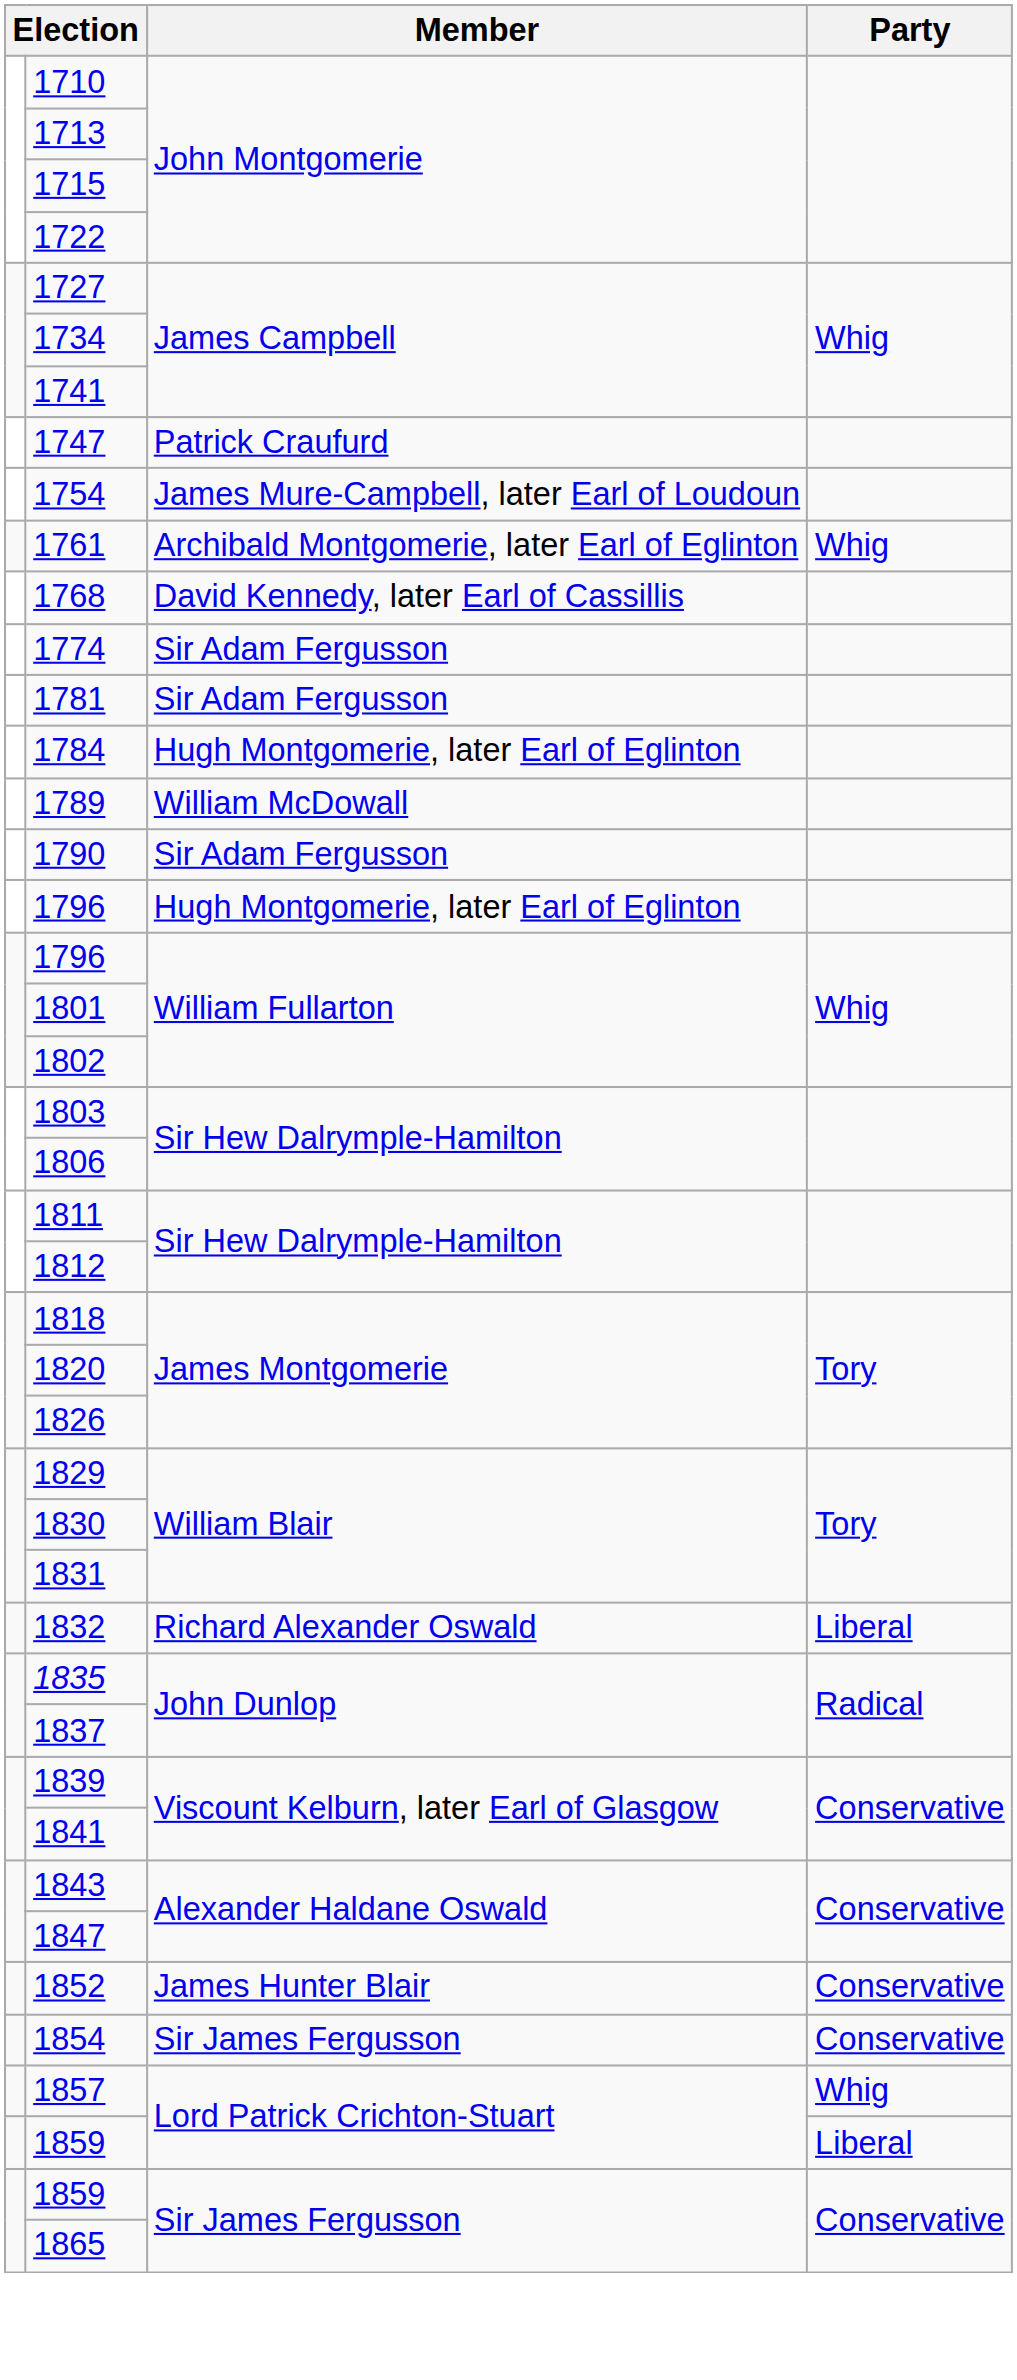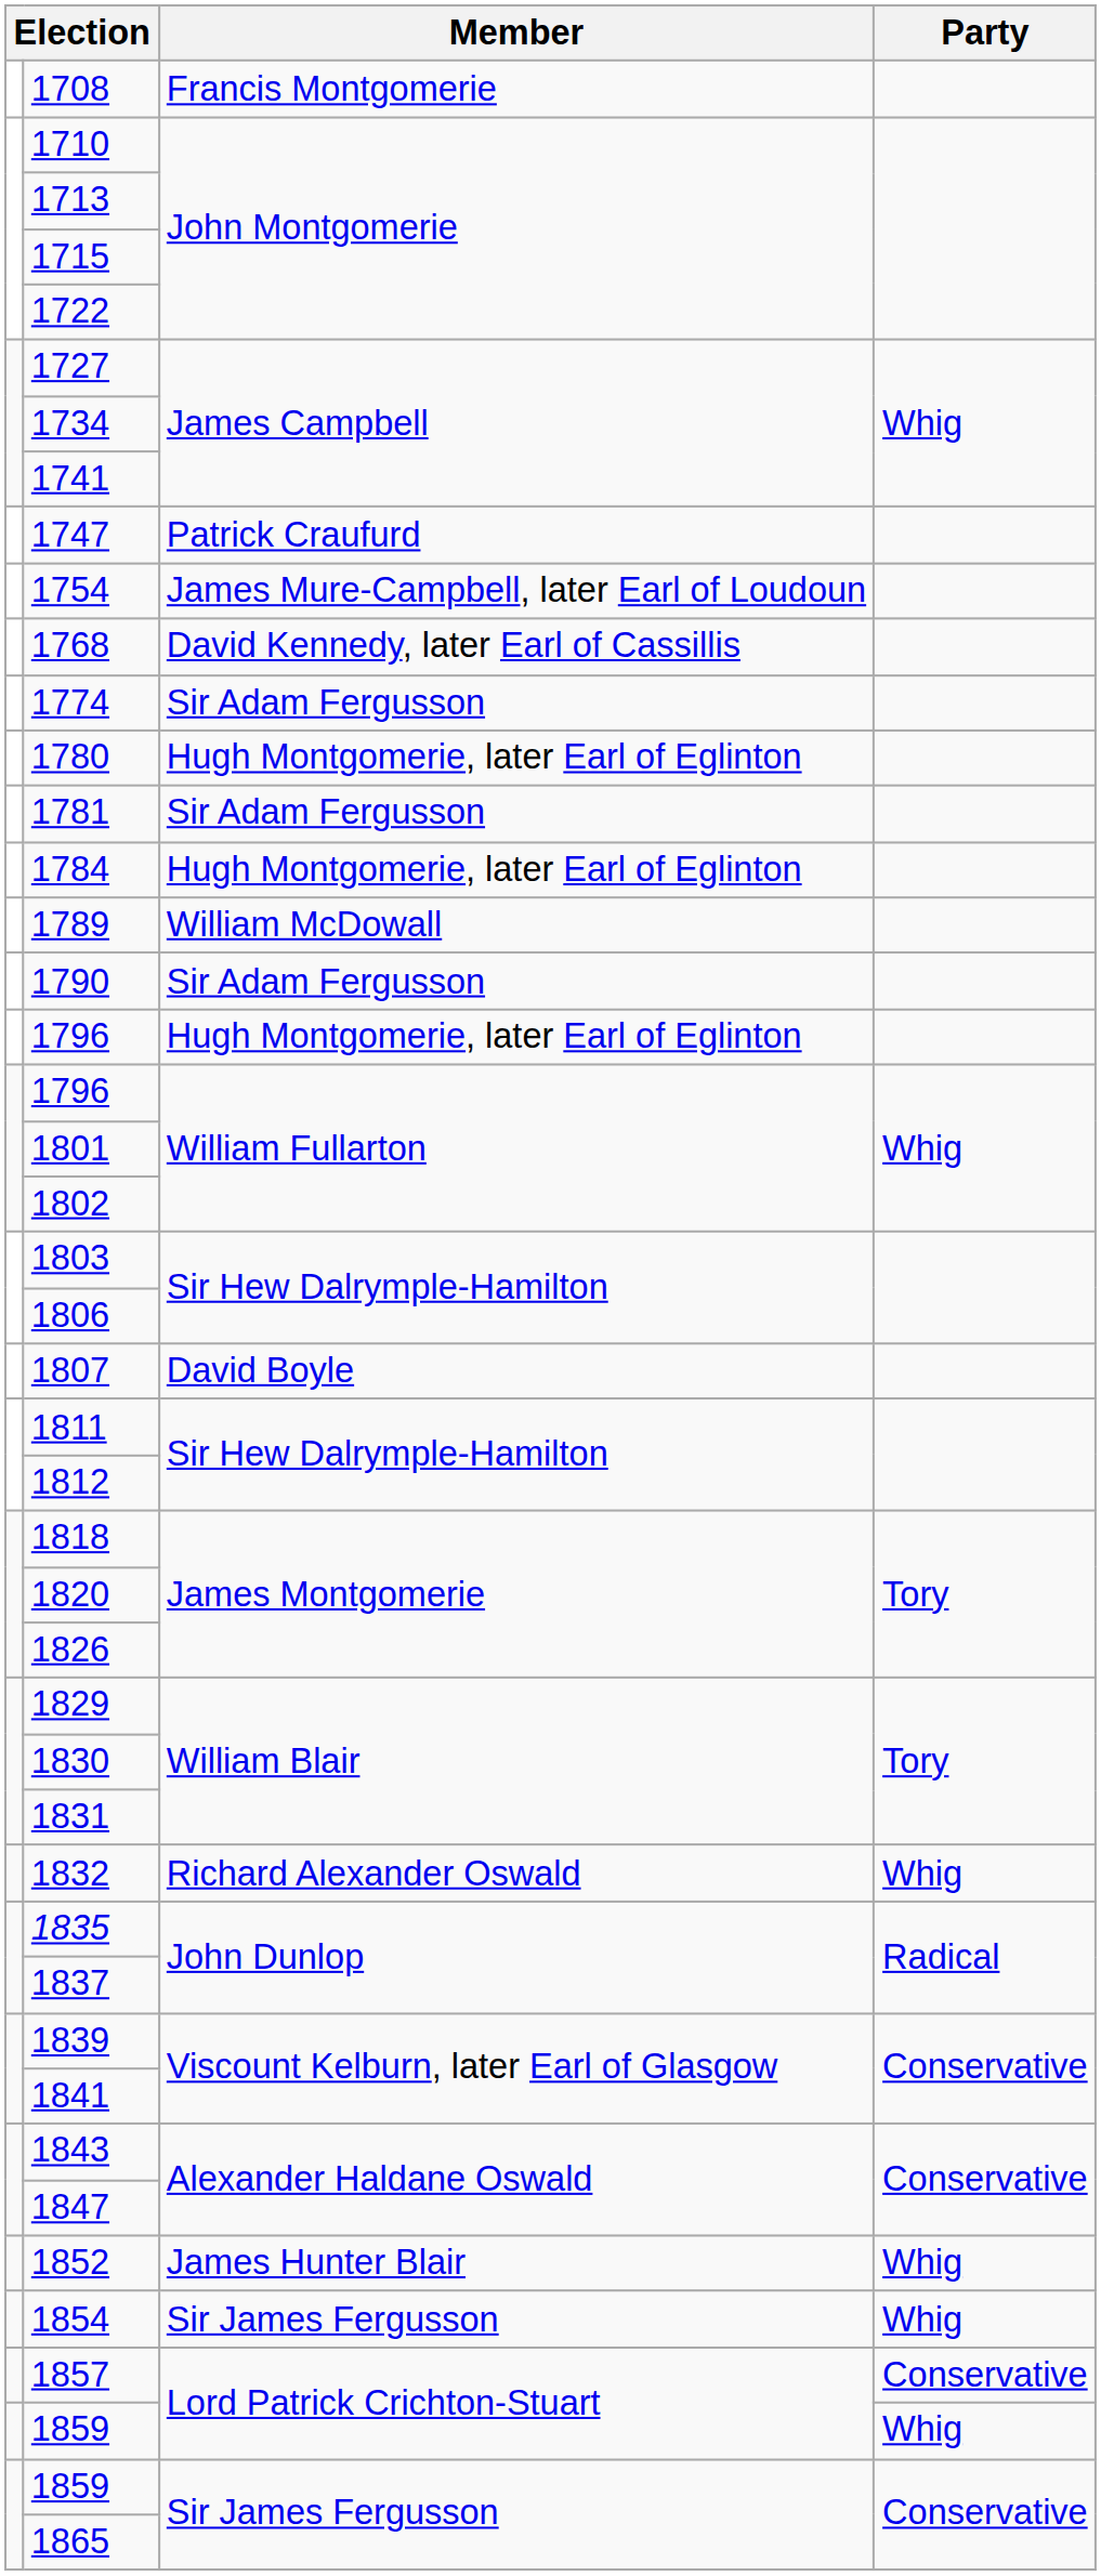 <table class = "wikitable">
 <tr>
 <th colspan="2">Election</th>
 <th>Member</th>
 <th>Party</th>
+</tr>
+<tr>
+<td style="color:inherit;background-color: white;width:0.5pt"></td>
+<td><a href='#'>1708</a></td>
+<td><a href='#'>Francis Montgomerie</a></td>
+<td></td>
 </tr>
 <tr>
 <td rowspan="4" style="color:inherit;background-color: white"></td>
 <td><a href='#'>1710</a></td>
 <td rowspan="4"><a href='#'>John Montgomerie</a></td>
 <td rowspan="4"></td>
 </tr>
 <tr>
 <td><a href='#'>1713</a></td>
 </tr>
 <tr>
 <td><a href='#'>1715</a></td>
 </tr>
 <tr>
 <td><a href='#'>1722</a></td>
 </tr>
 <tr>
 <td rowspan="3" style="color:inherit;background-color: "></td>
 <td><a href='#'>1727</a></td>
 <td rowspan="3"><a href='#'>James Campbell</a></td>
 <td rowspan="3"><a href='#'>Whig</a></td>
 </tr>
 <tr>
 <td><a href='#'>1734</a></td>
 </tr>
 <tr>
 <td><a href='#'>1741</a></td>
 </tr>
 <tr>
 <td rowspan="1" style="color:inherit;background-color: white"></td>
 <td><a href='#'>1747</a></td>
 <td rowspan="1"><a href='#'>Patrick Craufurd</a></td>
 <td rowspan="1"></td>
 </tr>
 <tr>
 <td style="color:inherit;background-color: white"></td>
 <td><a href='#'>1754</a></td>
 <td><a href='#'>James Mure-Campbell</a>, later <a href='#'>Earl of Loudoun</a></td>
 <td></td>
 </tr>
 <tr>
-<td style="color:inherit;background-color: "></td>
-<td><a href='#'>1761</a></td>
-<td><a href='#'>Archibald Montgomerie</a>, later <a href='#'>Earl of Eglinton</a></td>
-<td><a href='#'>Whig</a></td>
-</tr>
-<tr>
 <td style="color:inherit;background-color: white"></td>
 <td><a href='#'>1768</a></td>
 <td><a href='#'>David Kennedy</a>, later <a href='#'>Earl of Cassillis</a></td>
 <td></td>
 </tr>
 <tr>
 <td style="color:inherit;background-color: white"></td>
 <td><a href='#'>1774</a></td>
 <td><a href='#'>Sir Adam Fergusson</a></td>
+<td></td>
+</tr>
+<tr>
+<td style="color:inherit;background-color: white"></td>
+<td><a href='#'>1780</a></td>
+<td><a href='#'>Hugh Montgomerie</a>, later <a href='#'>Earl of Eglinton</a></td>
 <td></td>
 </tr>
 <tr>
 <td style="color:inherit;background-color: white"></td>
 <td><a href='#'>1781</a></td>
 <td><a href='#'>Sir Adam Fergusson</a></td>
 <td></td>
 </tr>
 <tr>
 <td style="color:inherit;background-color: white"></td>
 <td><a href='#'>1784</a></td>
 <td><a href='#'>Hugh Montgomerie</a>, later <a href='#'>Earl of Eglinton</a></td>
 <td></td>
 </tr>
 <tr>
 <td style="color:inherit;background-color: white"></td>
 <td><a href='#'>1789</a></td>
 <td><a href='#'>William McDowall</a></td>
 <td></td>
 </tr>
 <tr>
 <td style="color:inherit;background-color: white"></td>
 <td><a href='#'>1790</a></td>
 <td><a href='#'>Sir Adam Fergusson</a></td>
 <td></td>
 </tr>
 <tr>
 <td style="color:inherit;background-color: white"></td>
 <td><a href='#'>1796</a></td>
 <td><a href='#'>Hugh Montgomerie</a>, later <a href='#'>Earl of Eglinton</a></td>
 <td></td>
 </tr>
 <tr>
 <td rowspan="3" style="color:inherit;background-color: "></td>
 <td><a href='#'>1796</a></td>
 <td rowspan="3"><a href='#'>William Fullarton</a></td>
 <td rowspan="3"><a href='#'>Whig</a></td>
 </tr>
 <tr>
 <td><a href='#'>1801</a></td>
 </tr>
 <tr>
 <td><a href='#'>1802</a></td>
 </tr>
 <tr>
 <td rowspan="2" style="color:inherit;background-color: white"></td>
 <td><a href='#'>1803</a></td>
 <td rowspan="2"><a href='#'>Sir Hew Dalrymple-Hamilton</a></td>
 <td rowspan="2"></td>
 </tr>
 <tr>
 <td><a href='#'>1806</a></td>
 </tr>
 <tr>
+<td style="color:inherit;background-color: white"></td>
+<td><a href='#'>1807</a></td>
+<td><a href='#'>David Boyle</a></td>
+<td></td>
+</tr>
+<tr>
 <td rowspan="2" style="color:inherit;background-color: white"></td>
 <td><a href='#'>1811</a></td>
 <td rowspan="2"><a href='#'>Sir Hew Dalrymple-Hamilton</a></td>
 <td rowspan="2"></td>
 </tr>
 <tr>
 <td><a href='#'>1812</a></td>
 </tr>
 <tr>
 <td rowspan="3" style="color:inherit;background-color: "></td>
 <td><a href='#'>1818</a></td>
 <td rowspan="3"><a href='#'>James Montgomerie</a></td>
 <td rowspan="3"><a href='#'>Tory</a></td>
 </tr>
 <tr>
 <td><a href='#'>1820</a></td>
 </tr>
 <tr>
 <td><a href='#'>1826</a></td>
 </tr>
 <tr>
 <td rowspan="3" style="color:inherit;background-color: "></td>
 <td><a href='#'>1829</a></td>
 <td rowspan="3"><a href='#'>William Blair</a></td>
 <td rowspan="3"><a href='#'>Tory</a></td>
 </tr>
 <tr>
 <td><a href='#'>1830</a></td>
 </tr>
 <tr>
 <td><a href='#'>1831</a></td>
 </tr>
 <tr>
 <td style="color:inherit;background-color: "></td>
 <td><a href='#'>1832</a></td>
 <td><a href='#'>Richard Alexander Oswald</a></td>
-<td><a href='#'>Liberal</a></td>
+<td><a href='#'>Whig</a></td>
 </tr>
 <tr>
 <td rowspan="2" style="color:inherit;background-color: "></td>
 <td><em><a href='#'>1835</a></em></td>
 <td rowspan="2"><a href='#'>John Dunlop</a></td>
 <td rowspan="2"><a href='#'>Radical</a></td>
 </tr>
 <tr>
 <td><a href='#'>1837</a></td>
 </tr>
 <tr>
 <td rowspan="2" style="color:inherit;background-color: "></td>
 <td><a href='#'>1839</a></td>
 <td rowspan="2"><a href='#'>Viscount Kelburn</a>, later <a href='#'>Earl of Glasgow</a></td>
 <td rowspan="2"><a href='#'>Conservative</a></td>
 </tr>
 <tr>
 <td><a href='#'>1841</a></td>
 </tr>
 <tr>
 <td rowspan="2" style="color:inherit;background-color: "></td>
 <td><a href='#'>1843</a></td>
 <td rowspan="2"><a href='#'>Alexander Haldane Oswald</a></td>
 <td rowspan="2"><a href='#'>Conservative</a></td>
 </tr>
 <tr>
 <td><a href='#'>1847</a></td>
 </tr>
 <tr>
 <td style="color:inherit;background-color: "></td>
 <td><a href='#'>1852</a></td>
 <td><a href='#'>James Hunter Blair</a></td>
-<td><a href='#'>Conservative</a></td>
+<td><a href='#'>Whig</a></td>
 </tr>
 <tr>
 <td style="color:inherit;background-color: "></td>
 <td><a href='#'>1854</a></td>
 <td><a href='#'>Sir James Fergusson</a></td>
-<td><a href='#'>Conservative</a></td>
+<td><a href='#'>Whig</a></td>
 </tr>
 <tr>
 <td style="color:inherit;background-color: "></td>
 <td><a href='#'>1857</a></td>
 <td rowspan="2"><a href='#'>Lord Patrick Crichton-Stuart</a></td>
-<td><a href='#'>Whig</a></td>
+<td><a href='#'>Conservative</a></td>
 </tr>
 <tr>
 <td style="color:inherit;background-color: "></td>
 <td><a href='#'>1859</a></td>
-<td><a href='#'>Liberal</a></td>
+<td><a href='#'>Whig</a></td>
 </tr>
 <tr>
 <td rowspan="2" style="color:inherit;background-color: "></td>
 <td><a href='#'>1859</a></td>
 <td rowspan="2"><a href='#'>Sir James Fergusson</a></td>
 <td rowspan="2"><a href='#'>Conservative</a></td>
 </tr>
 <tr>
 <td><a href='#'>1865</a></td>
 </tr>
 </table>
